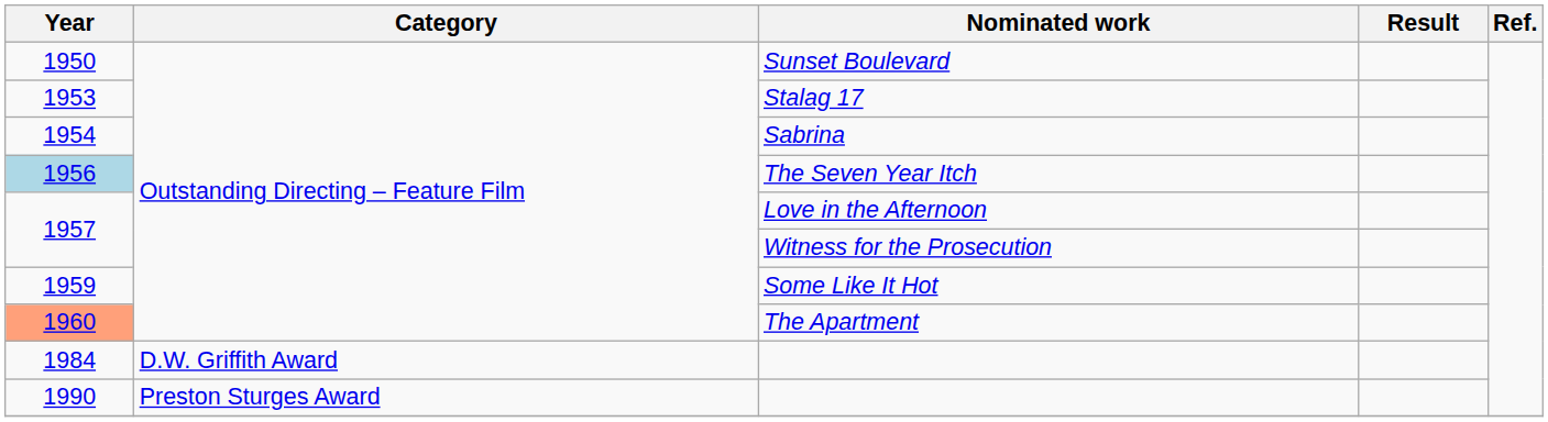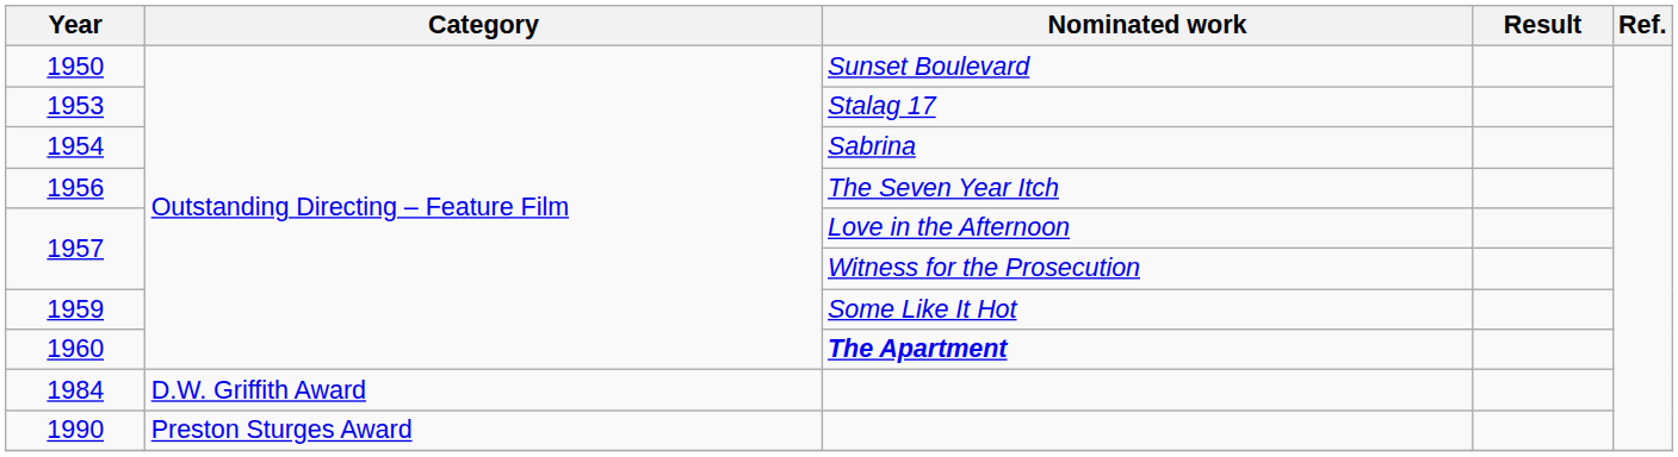 <table class=wikitable>
 <tr>
 <th scope="col" style="width:5em;">Year</th>
 <th scope="col" style="width:26em;">Category</th>
 <th scope="col" style="width:25em;">Nominated work</th>
 <th scope="col" style="width:5em;">Result</th>
 <th>Ref.</th>
 </tr>
 <tr>
 <td style="text-align:center;"><a href='#'>1950</a></td>
 <td rowspan=8><a href='#'>Outstanding Directing – Feature Film</a></td>
 <td><em><a href='#'>Sunset Boulevard</a></em></td>
 <td></td>
 <td style="text-align:center;" rowspan=10> <br></td>
 </tr>
 <tr>
 <td style="text-align:center;"><a href='#'>1953</a></td>
 <td><em><a href='#'>Stalag 17</a></em></td>
 <td></td>
 </tr>
 <tr>
 <td style="text-align:center;"><a href='#'>1954</a></td>
 <td><em><a href='#'>Sabrina</a></em></td>
 <td></td>
 </tr>
 <tr>
-<td style="background: lightblue; text-align:center;"><a href='#'>1956</a></td>
+<td style="text-align:center;"><a href='#'>1956</a></td>
 <td><em><a href='#'>The Seven Year Itch</a></em></td>
 <td></td>
 </tr>
 <tr>
 <td style="text-align:center;", rowspan=2><a href='#'>1957</a></td>
 <td><em><a href='#'>Love in the Afternoon</a></em></td>
 <td></td>
 </tr>
 <tr>
 <td><em><a href='#'>Witness for the Prosecution</a></em></td>
 <td></td>
 </tr>
 <tr>
 <td style="text-align:center;"><a href='#'>1959</a></td>
 <td><em><a href='#'>Some Like It Hot</a></em></td>
 <td></td>
 </tr>
 <tr>
-<td style="background: lightsalmon; text-align:center;"><a href='#'>1960</a></td>
-<td><em><a href='#'>The Apartment</a></em></td>
+<td style="text-align:center;"><a href='#'>1960</a></td>
+<td><strong><em><a href='#'>The Apartment</a></em></strong></td>
 <td></td>
 </tr>
 <tr>
 <td style="text-align:center;"><a href='#'>1984</a></td>
 <td><a href='#'>D.W. Griffith Award</a></td>
 <td></td>
 <td></td>
 </tr>
 <tr>
 <td style="text-align:center;"><a href='#'>1990</a></td>
 <td><a href='#'>Preston Sturges Award</a></td>
 <td></td>
 <td></td>
 </tr>
 <tr>
 </tr>
 </table>
